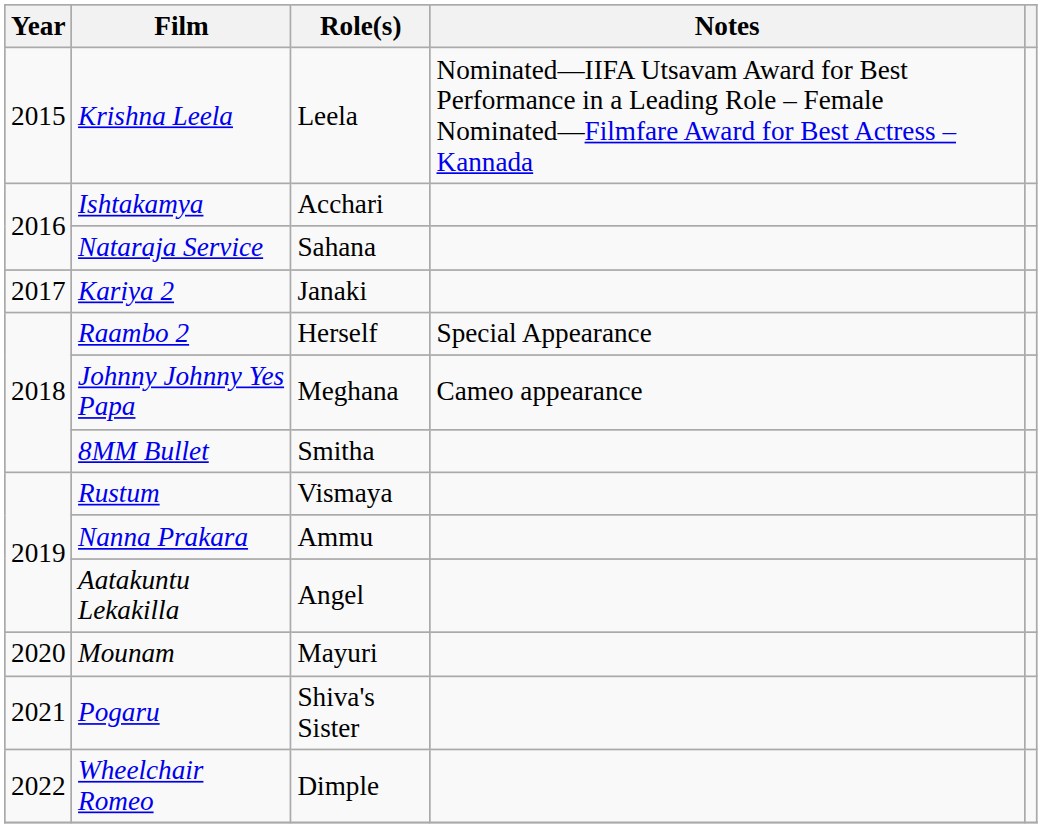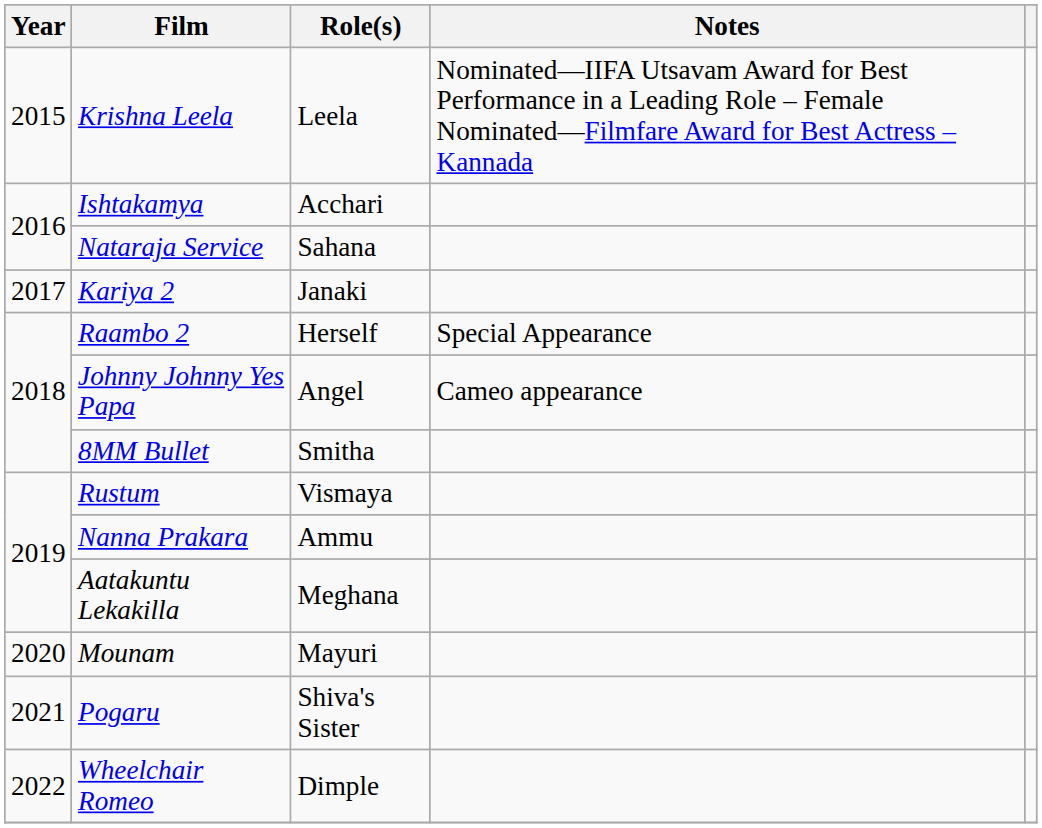 <table class="wikitable sortable">
 <tr>
 <th>Year</th>
 <th>Film</th>
 <th>Role(s)</th>
 <th>Notes</th>
 <th class="unsortable"></th>
 </tr>
 <tr>
 <td>2015</td>
 <td><em><a href='#'>Krishna Leela</a></em></td>
 <td>Leela</td>
 <td>Nominated—IIFA Utsavam Award for Best Performance in a Leading Role – Female<br>Nominated—<a href='#'>Filmfare Award for Best Actress – Kannada</a></td>
 <td></td>
 </tr>
 <tr>
 <td rowspan="2">2016</td>
 <td><em><a href='#'>Ishtakamya</a></em></td>
 <td>Acchari</td>
 <td></td>
 <td></td>
 </tr>
 <tr>
 <td><em><a href='#'>Nataraja Service</a></em></td>
 <td>Sahana</td>
 <td></td>
 <td></td>
 </tr>
 <tr>
 <td>2017</td>
 <td><em><a href='#'>Kariya 2</a></em></td>
 <td>Janaki</td>
 <td></td>
 <td></td>
 </tr>
 <tr>
 <td rowspan="3">2018</td>
 <td><em><a href='#'>Raambo 2</a></em></td>
 <td>Herself</td>
 <td>Special Appearance</td>
 <td></td>
 </tr>
 <tr>
 <td><em><a href='#'>Johnny Johnny Yes Papa</a></em></td>
-<td>Meghana</td>
+<td>Angel</td>
 <td>Cameo appearance</td>
 <td></td>
 </tr>
 <tr>
 <td><em><a href='#'>8MM Bullet</a></em></td>
 <td>Smitha</td>
 <td></td>
 <td></td>
 </tr>
 <tr>
 <td rowspan="3">2019</td>
 <td><a href='#'><em>Rustum</em></a></td>
 <td>Vismaya</td>
 <td></td>
 <td></td>
 </tr>
 <tr>
 <td><em><a href='#'>Nanna Prakara</a></em></td>
 <td>Ammu</td>
 <td></td>
 <td></td>
 </tr>
 <tr>
 <td><em>Aatakuntu Lekakilla</em></td>
-<td>Angel</td>
+<td>Meghana</td>
 <td></td>
 <td></td>
 </tr>
 <tr>
 <td>2020</td>
 <td><em>Mounam</em></td>
 <td>Mayuri</td>
 <td></td>
 <td></td>
 </tr>
 <tr>
 <td>2021</td>
 <td><em><a href='#'>Pogaru</a></em></td>
 <td>Shiva's Sister</td>
 <td></td>
 <td></td>
 </tr>
 <tr>
 <td>2022</td>
 <td><em><a href='#'>Wheelchair Romeo</a></em></td>
 <td>Dimple</td>
 <td></td>
 <td></td>
 </tr>
 <tr>
 </tr>
 </table>
